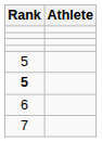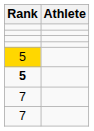 <table class="wikitable" style="text-align:center">
 <tr>
 <th>Rank</th>
 <th>Athlete</th>
 </tr>
 <tr>
 <td></td>
 <td align="left"></td>
 </tr>
 <tr>
 <td></td>
 <td align="left"></td>
 </tr>
 <tr>
 <td></td>
 <td align="left"></td>
 </tr>
 <tr>
 <td></td>
 <td align="left"></td>
 </tr>
 <tr>
-<td>5</td>
+<td style="background: gold;">5</td>
 <td align="left"></td>
 </tr>
 <tr>
 <td><strong>5</strong></td>
 <td align="left"></td>
 </tr>
 <tr>
-<td>6</td>
+<td>7</td>
 <td align="left"></td>
 </tr>
 <tr>
 <td>7</td>
 <td align="left"></td>
 </tr>
 </table>
